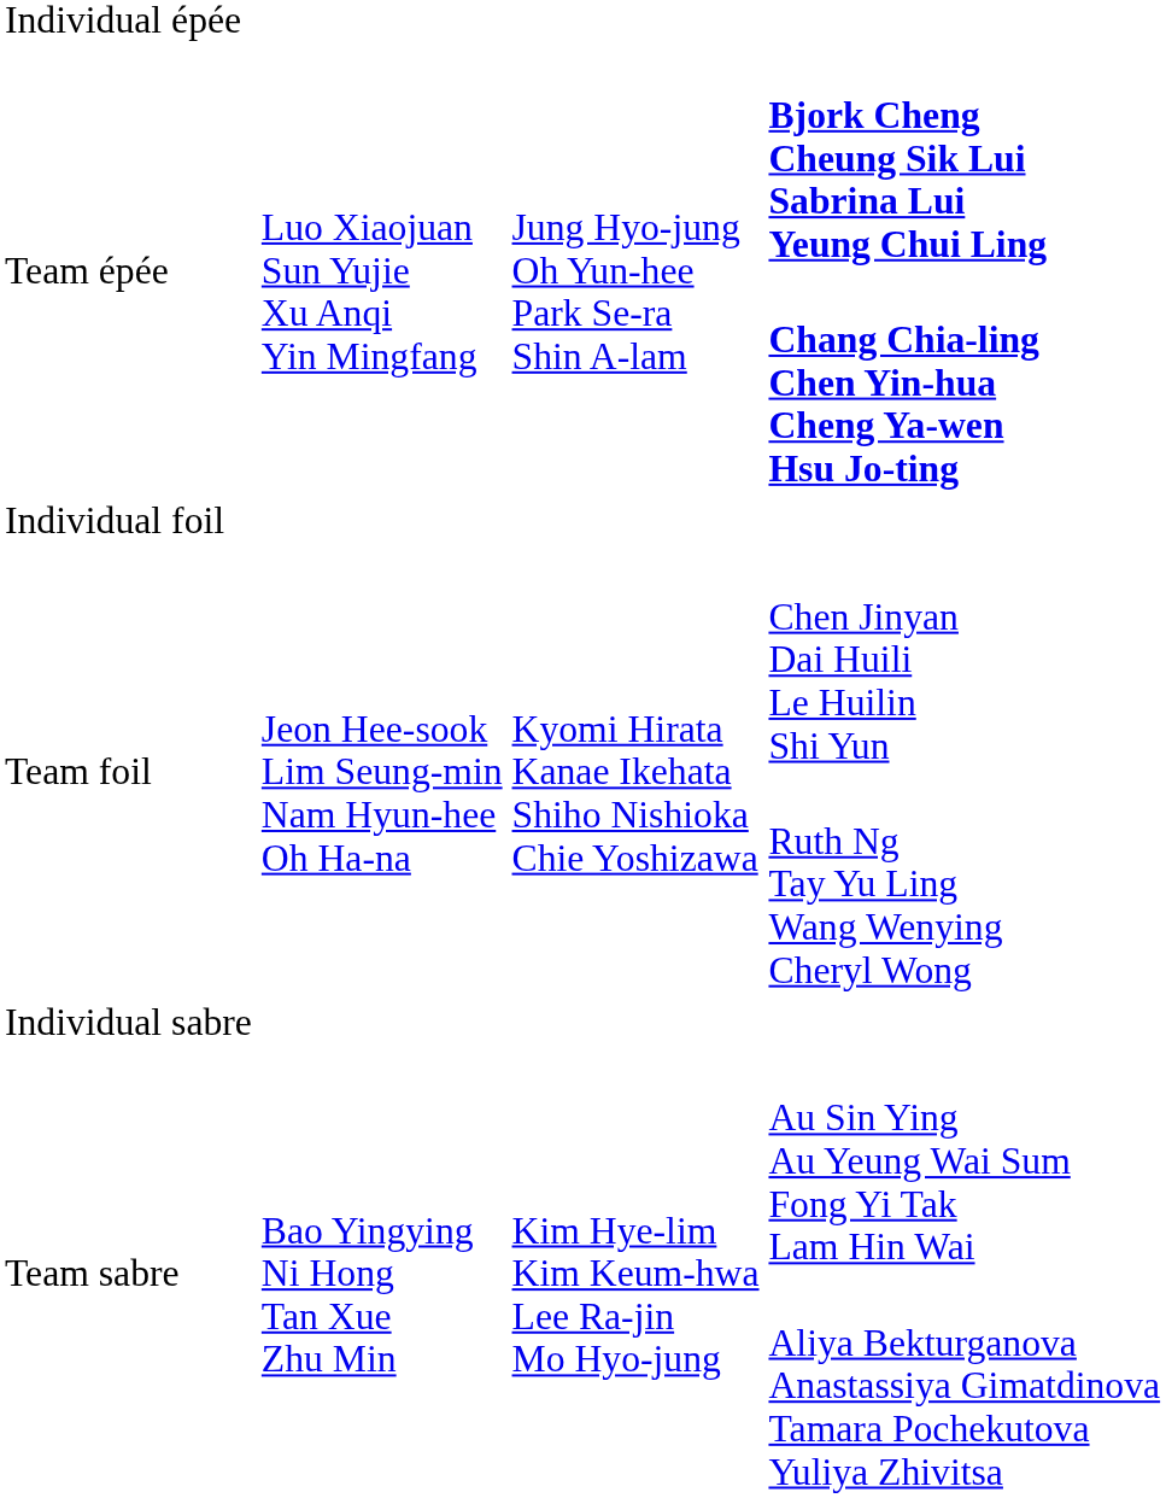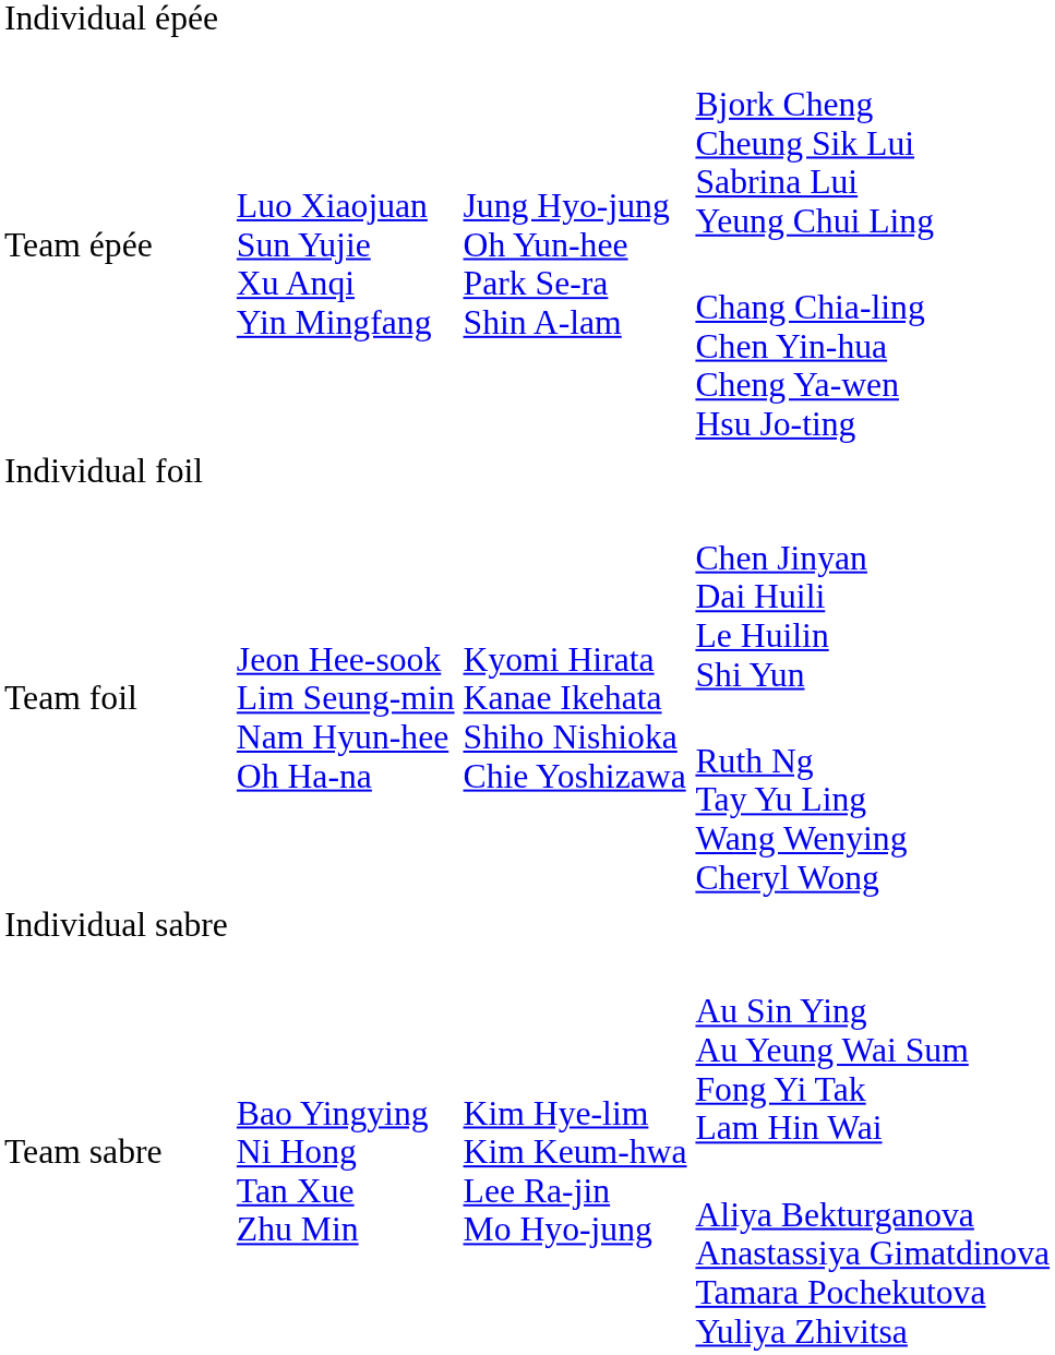 <table>
 <tr>
 <td rowspan=2>Individual épée</td>
 <td rowspan=2></td>
 <td rowspan=2></td>
 <td></td>
 </tr>
 <tr>
 <td></td>
 </tr>
 <tr>
 <td rowspan=2>Team épée</td>
 <td rowspan=2><br><a href='#'>Luo Xiaojuan</a><br><a href='#'>Sun Yujie</a><br><a href='#'>Xu Anqi</a><br><a href='#'>Yin Mingfang</a></td>
 <td rowspan=2><br><a href='#'>Jung Hyo-jung</a><br><a href='#'>Oh Yun-hee</a><br><a href='#'>Park Se-ra</a><br><a href='#'>Shin A-lam</a></td>
-<td><strong><br><a href='#'>Bjork Cheng</a><br><a href='#'>Cheung Sik Lui</a><br><a href='#'>Sabrina Lui</a><br><a href='#'>Yeung Chui Ling</a></strong></td>
+<td><br><a href='#'>Bjork Cheng</a><br><a href='#'>Cheung Sik Lui</a><br><a href='#'>Sabrina Lui</a><br><a href='#'>Yeung Chui Ling</a></td>
 </tr>
 <tr>
-<td><strong><br><a href='#'>Chang Chia-ling</a><br><a href='#'>Chen Yin-hua</a><br><a href='#'>Cheng Ya-wen</a><br><a href='#'>Hsu Jo-ting</a></strong></td>
+<td><br><a href='#'>Chang Chia-ling</a><br><a href='#'>Chen Yin-hua</a><br><a href='#'>Cheng Ya-wen</a><br><a href='#'>Hsu Jo-ting</a></td>
 </tr>
 <tr>
 <td rowspan=2>Individual foil</td>
 <td rowspan=2></td>
 <td rowspan=2></td>
 <td></td>
 </tr>
 <tr>
 <td></td>
 </tr>
 <tr>
 <td rowspan=2>Team foil</td>
 <td rowspan=2><br><a href='#'>Jeon Hee-sook</a><br><a href='#'>Lim Seung-min</a><br><a href='#'>Nam Hyun-hee</a><br><a href='#'>Oh Ha-na</a></td>
 <td rowspan=2><br><a href='#'>Kyomi Hirata</a><br><a href='#'>Kanae Ikehata</a><br><a href='#'>Shiho Nishioka</a><br><a href='#'>Chie Yoshizawa</a></td>
 <td><br><a href='#'>Chen Jinyan</a><br><a href='#'>Dai Huili</a><br><a href='#'>Le Huilin</a><br><a href='#'>Shi Yun</a></td>
 </tr>
 <tr>
 <td><br><a href='#'>Ruth Ng</a><br><a href='#'>Tay Yu Ling</a><br><a href='#'>Wang Wenying</a><br><a href='#'>Cheryl Wong</a></td>
 </tr>
 <tr>
 <td rowspan=2>Individual sabre</td>
 <td rowspan=2></td>
 <td rowspan=2></td>
 <td></td>
 </tr>
 <tr>
 <td></td>
 </tr>
 <tr>
 <td rowspan=2>Team sabre</td>
 <td rowspan=2><br><a href='#'>Bao Yingying</a><br><a href='#'>Ni Hong</a><br><a href='#'>Tan Xue</a><br><a href='#'>Zhu Min</a></td>
 <td rowspan=2><br><a href='#'>Kim Hye-lim</a><br><a href='#'>Kim Keum-hwa</a><br><a href='#'>Lee Ra-jin</a><br><a href='#'>Mo Hyo-jung</a></td>
 <td><br><a href='#'>Au Sin Ying</a><br><a href='#'>Au Yeung Wai Sum</a><br><a href='#'>Fong Yi Tak</a><br><a href='#'>Lam Hin Wai</a></td>
 </tr>
 <tr>
 <td><br><a href='#'>Aliya Bekturganova</a><br><a href='#'>Anastassiya Gimatdinova</a><br><a href='#'>Tamara Pochekutova</a><br><a href='#'>Yuliya Zhivitsa</a></td>
 </tr>
 </table>
